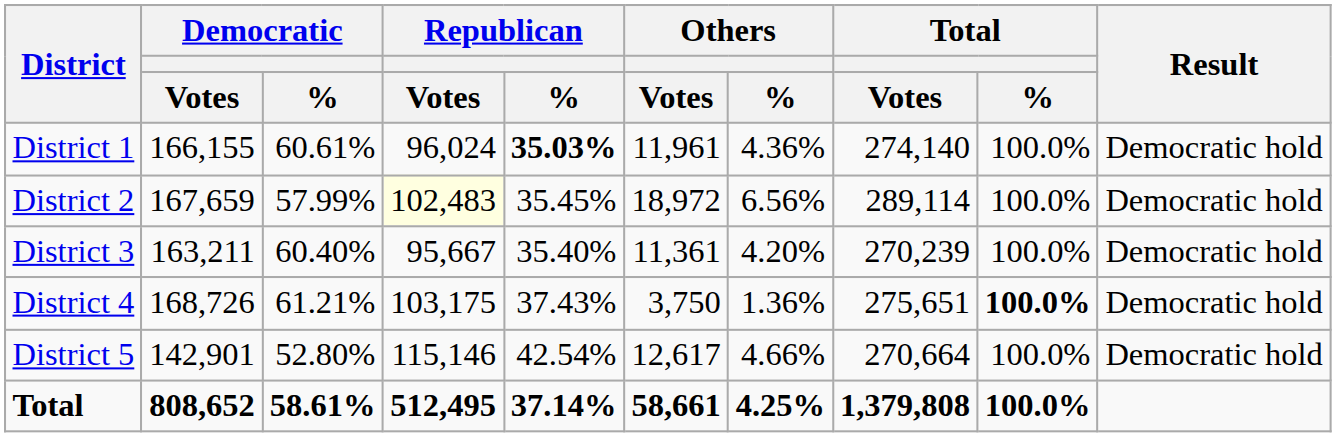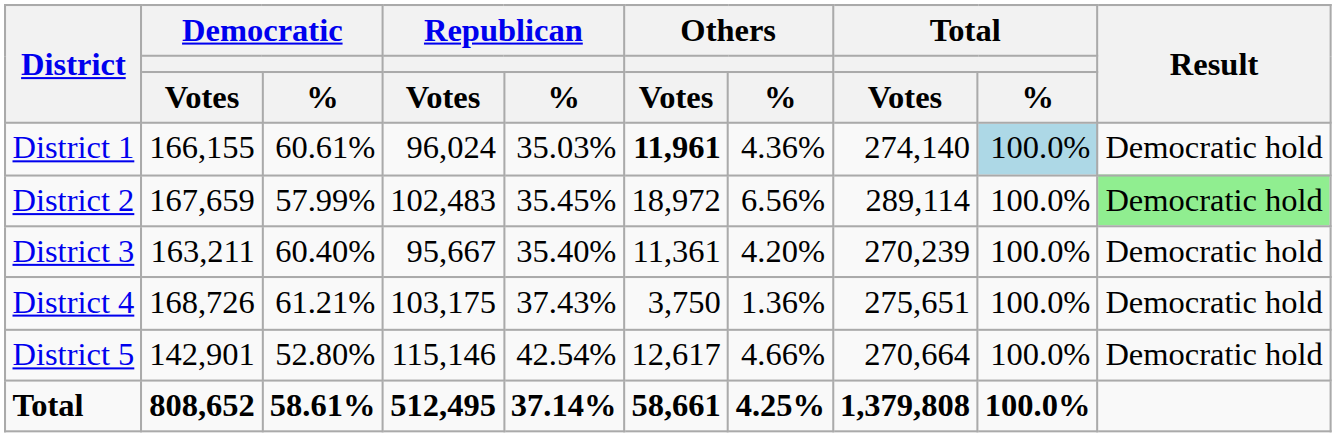 <table class="wikitable plainrowheaders sortable" style="font-size:100%; text-align:right;">
 <tr>
 <th scope=col rowspan=3><a href='#'>District</a></th>
 <th scope=col colspan=2><a href='#'>Democratic</a></th>
 <th scope=col colspan=2><a href='#'>Republican</a></th>
 <th scope=col colspan=2>Others</th>
 <th scope=col colspan=2>Total</th>
 <th scope=col rowspan=3>Result</th>
 </tr>
 <tr>
 <th scope=col colspan=2 style="background:"></th>
 <th scope=col colspan=2 style="background:"></th>
 <th scope=col colspan=2></th>
 <th scope=col colspan=2></th>
 </tr>
 <tr>
 <th scope=col data-sort-type="number">Votes</th>
 <th scope=col data-sort-type="number">%</th>
 <th scope=col data-sort-type="number">Votes</th>
 <th scope=col data-sort-type="number">%</th>
 <th scope=col data-sort-type="number">Votes</th>
 <th scope=col data-sort-type="number">%</th>
 <th scope=col data-sort-type="number">Votes</th>
 <th scope=col data-sort-type="number">%</th>
 </tr>
 <tr>
 <td align=left><a href='#'>District 1</a></td>
 <td>166,155</td>
 <td>60.61%</td>
 <td>96,024</td>
-<td><strong>35.03%</strong></td>
-<td>11,961</td>
+<td>35.03%</td>
+<td><strong>11,961</strong></td>
 <td>4.36%</td>
 <td>274,140</td>
-<td>100.0%</td>
+<td style="background: lightblue;">100.0%</td>
 <td align=left>Democratic hold</td>
 </tr>
 <tr>
 <td align=left><a href='#'>District 2</a></td>
 <td>167,659</td>
 <td>57.99%</td>
-<td style="background: lightyellow;">102,483</td>
+<td>102,483</td>
 <td>35.45%</td>
 <td>18,972</td>
 <td>6.56%</td>
 <td>289,114</td>
 <td>100.0%</td>
-<td align=left>Democratic hold</td>
+<td align=left style="background: lightgreen;">Democratic hold</td>
 </tr>
 <tr>
 <td align=left><a href='#'>District 3</a></td>
 <td>163,211</td>
 <td>60.40%</td>
 <td>95,667</td>
 <td>35.40%</td>
 <td>11,361</td>
 <td>4.20%</td>
 <td>270,239</td>
 <td>100.0%</td>
 <td align=left>Democratic hold</td>
 </tr>
 <tr>
 <td align=left><a href='#'>District 4</a></td>
 <td>168,726</td>
 <td>61.21%</td>
 <td>103,175</td>
 <td>37.43%</td>
 <td>3,750</td>
 <td>1.36%</td>
 <td>275,651</td>
-<td><strong>100.0%</strong></td>
+<td>100.0%</td>
 <td align=left>Democratic hold</td>
 </tr>
 <tr>
 <td align=left><a href='#'>District 5</a></td>
 <td>142,901</td>
 <td>52.80%</td>
 <td>115,146</td>
 <td>42.54%</td>
 <td>12,617</td>
 <td>4.66%</td>
 <td>270,664</td>
 <td>100.0%</td>
 <td align=left>Democratic hold</td>
 </tr>
 <tr class="sortbottom" style="font-weight:bold">
 <td align=left>Total</td>
 <td>808,652</td>
 <td>58.61%</td>
 <td>512,495</td>
 <td>37.14%</td>
 <td>58,661</td>
 <td>4.25%</td>
 <td>1,379,808</td>
 <td>100.0%</td>
 <td></td>
 </tr>
 </table>
